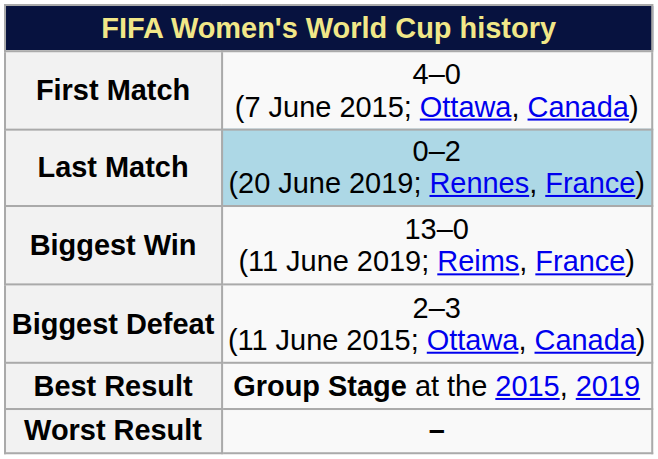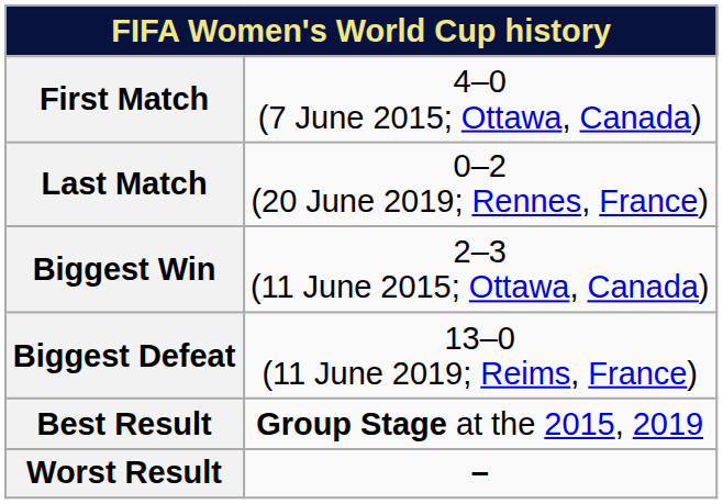 <table class="wikitable collapsible collapsed" style="text-align: center;font-size:90%;">
 <tr>
 <th colspan=6 style="background: #07123F; color: #F1E788;">FIFA Women's World Cup history</th>
 </tr>
 <tr>
 <th style="text-align: center;">First Match</th>
 <td style="text-align:center;"> 4–0 <br>(7 June 2015; <a href='#'>Ottawa</a>, <a href='#'>Canada</a>)</td>
 </tr>
 <tr>
 <th style="text-align: center;">Last Match</th>
-<td style="background: lightblue; text-align:center;"> 0–2 <br>(20 June 2019; <a href='#'>Rennes</a>, <a href='#'>France</a>)</td>
+<td style="text-align:center;"> 0–2 <br>(20 June 2019; <a href='#'>Rennes</a>, <a href='#'>France</a>)</td>
 </tr>
 <tr>
 <th style="text-align: center;">Biggest Win</th>
-<td style="text-align:center;"> 13–0 <br>(11 June 2019; <a href='#'>Reims</a>, <a href='#'>France</a>)</td>
+<td style="text-align:center;"> 2–3 <br>(11 June 2015; <a href='#'>Ottawa</a>, <a href='#'>Canada</a>)</td>
 </tr>
 <tr>
 <th style="text-align: center;">Biggest Defeat</th>
-<td style="text-align:center;"> 2–3 <br>(11 June 2015; <a href='#'>Ottawa</a>, <a href='#'>Canada</a>)</td>
+<td style="text-align:center;"> 13–0 <br>(11 June 2019; <a href='#'>Reims</a>, <a href='#'>France</a>)</td>
 </tr>
 <tr>
 <th style="text-align: center;">Best Result</th>
 <td style="text-align:center;"><strong>Group Stage</strong> at the <a href='#'>2015</a>, <a href='#'>2019</a></td>
 </tr>
 <tr>
 <th style="text-align: center;">Worst Result</th>
 <td style="text-align:center;"><strong>–</strong></td>
 </tr>
 </table>
